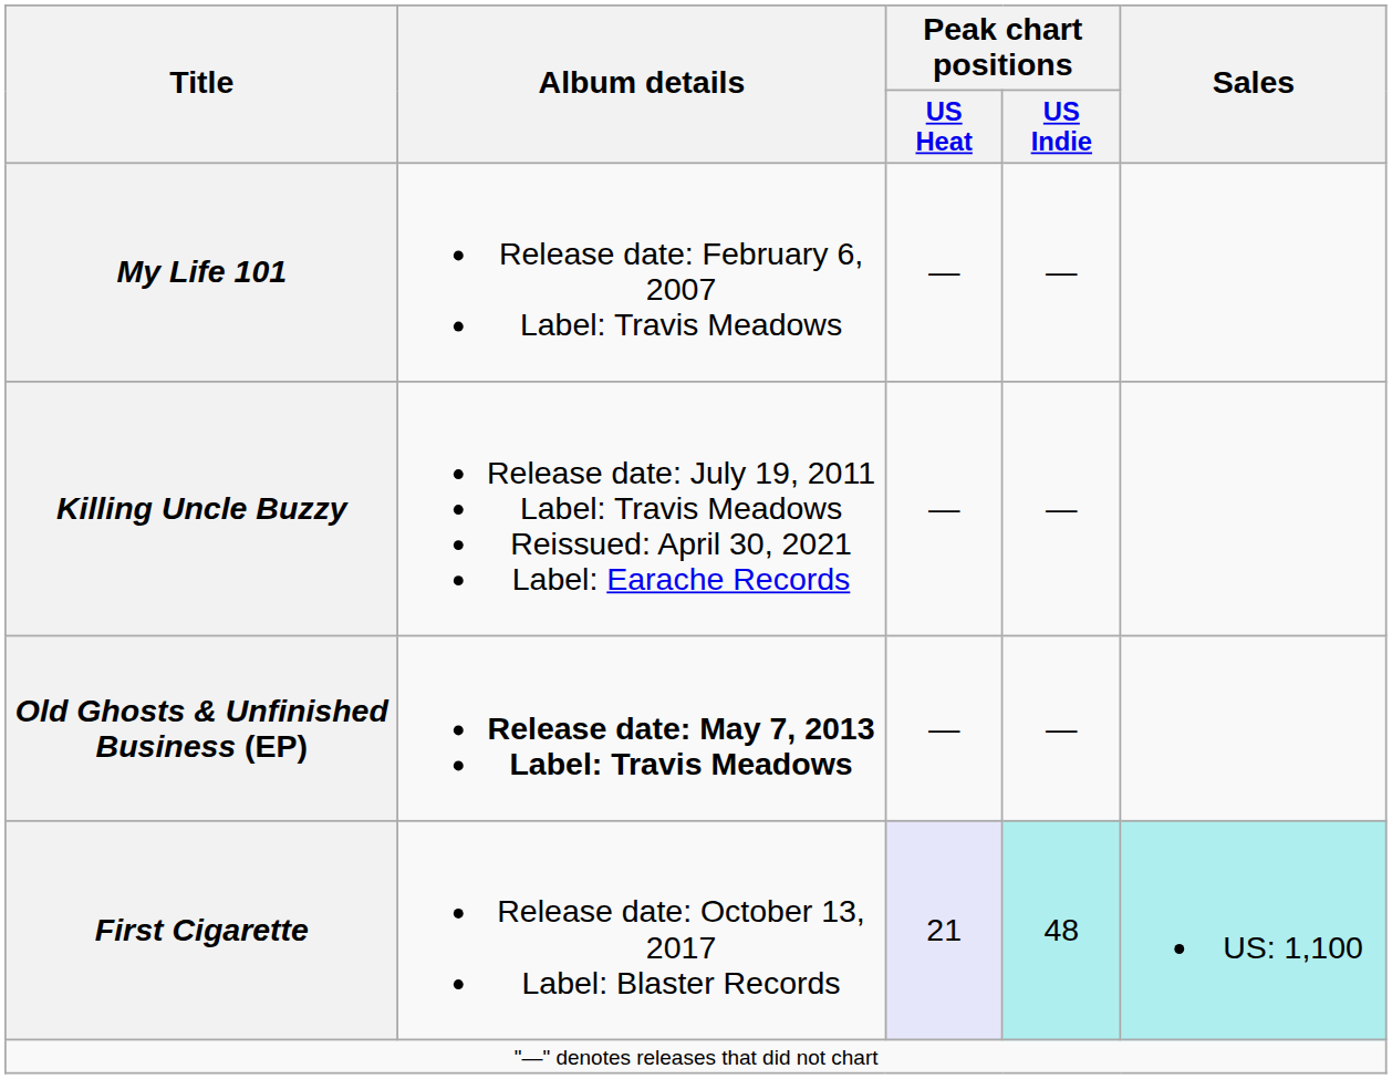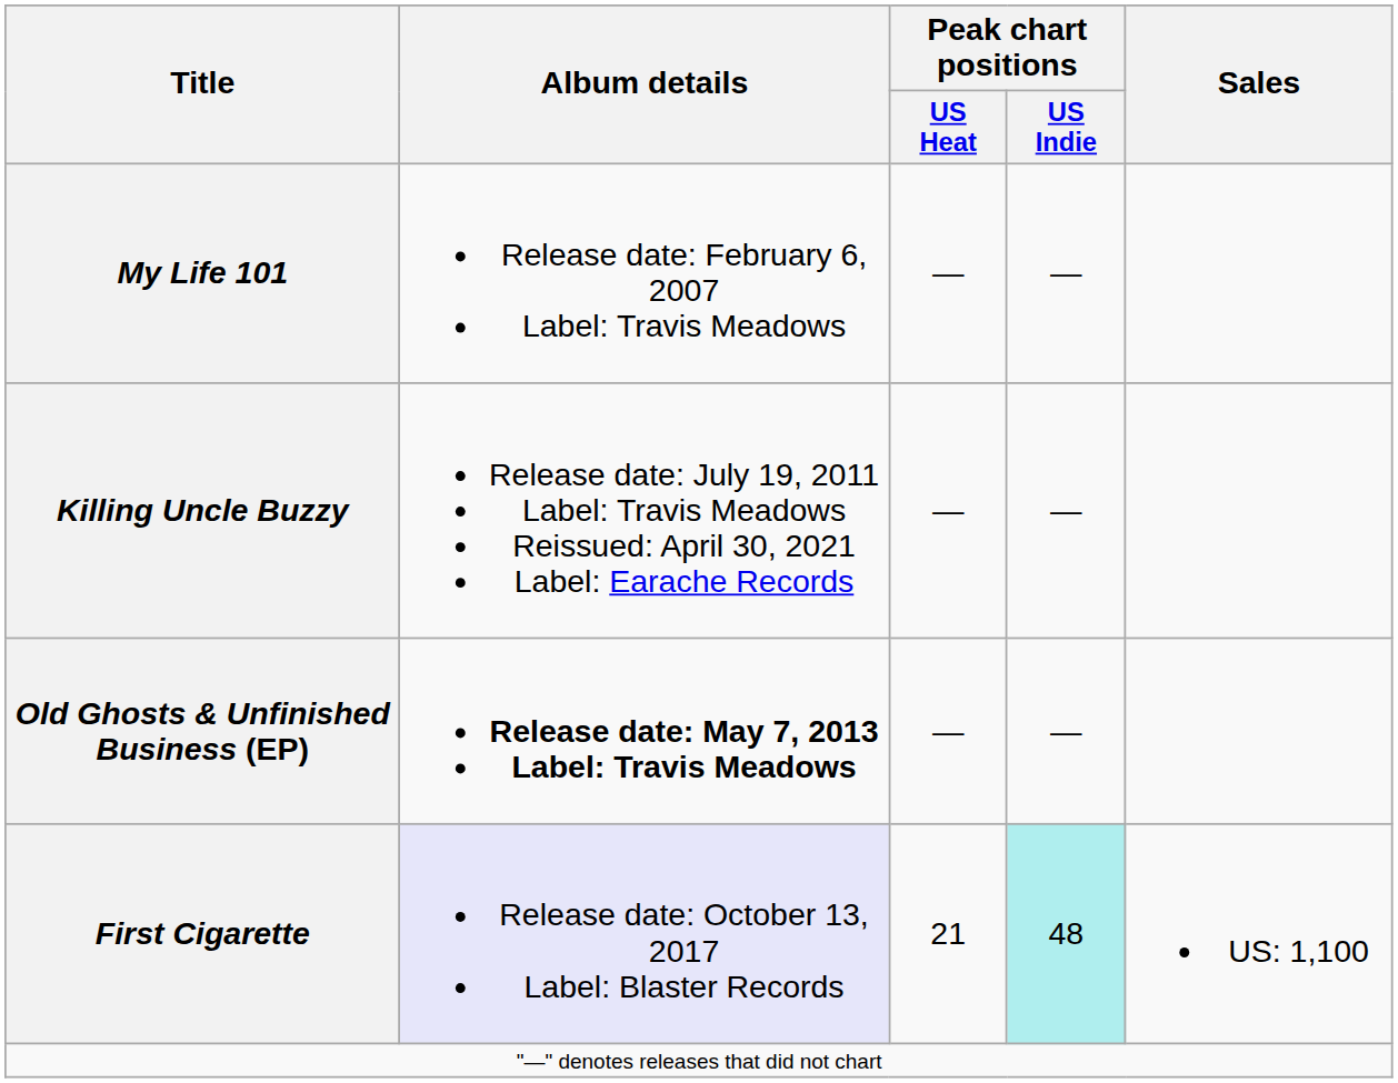 <table class="wikitable plainrowheaders" style="text-align:center;">
 <tr>
 <th rowspan="2" style="width:12em;">Title</th>
 <th rowspan="2" style="width:15em;">Album details</th>
 <th colspan="2">Peak chart positions</th>
 <th rowspan="2" style="width:8em;">Sales</th>
 </tr>
 <tr style="font-size:smaller;">
 <th style="width:4em;"><a href='#'>US <br>Heat</a><br></th>
 <th style="width:4em;"><a href='#'>US <br>Indie</a><br></th>
 </tr>
 <tr>
 <th scope="row"><em>My Life 101</em></th>
 <td><br><ul><li>Release date:  February 6, 2007</li><li>Label: Travis Meadows</li></ul></td>
 <td>—</td>
 <td>—</td>
 <td></td>
 </tr>
 <tr>
 <th scope="row"><em>Killing Uncle Buzzy</em></th>
 <td><br><ul><li>Release date:  July 19, 2011</li><li>Label: Travis Meadows</li><li>Reissued: April 30, 2021</li><li>Label: <a href='#'>Earache Records</a></li></ul></td>
 <td>—</td>
 <td>—</td>
 <td></td>
 </tr>
 <tr>
 <th scope="row"><em>Old Ghosts & Unfinished Business</em> (EP)</th>
 <td><strong><br><ul><li>Release date: May 7, 2013</li><li>Label: Travis Meadows</li></ul></strong></td>
 <td>—</td>
 <td>—</td>
 <td></td>
 </tr>
 <tr>
 <th scope="row"><em>First Cigarette</em></th>
-<td><br><ul><li>Release date: October 13, 2017</li><li>Label:  Blaster Records</li></ul></td>
-<td style="background: lavender;">21</td>
+<td style="background: lavender;"><br><ul><li>Release date: October 13, 2017</li><li>Label:  Blaster Records</li></ul></td>
+<td>21</td>
 <td style="background: paleturquoise;">48</td>
-<td style="background: paleturquoise;"><br><ul><li>US: 1,100</li></ul></td>
+<td><br><ul><li>US: 1,100</li></ul></td>
 </tr>
 <tr>
 <td colspan="9" style="font-size:8pt">"—" denotes releases that did not chart</td>
 </tr>
 </table>
